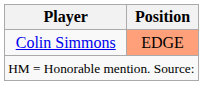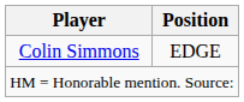 <table class="wikitable" style="text-align: center">
 <tr align=center>
 <th>Player</th>
 <th>Position</th>
 </tr>
 <tr>
 <td><a href='#'>Colin Simmons</a></td>
-<td style="background: lightsalmon;">EDGE</td>
+<td>EDGE</td>
 </tr>
 <tr>
 <td colspan="3"><small>HM = Honorable mention. Source: </small> </td>
 </tr>
 </table>
